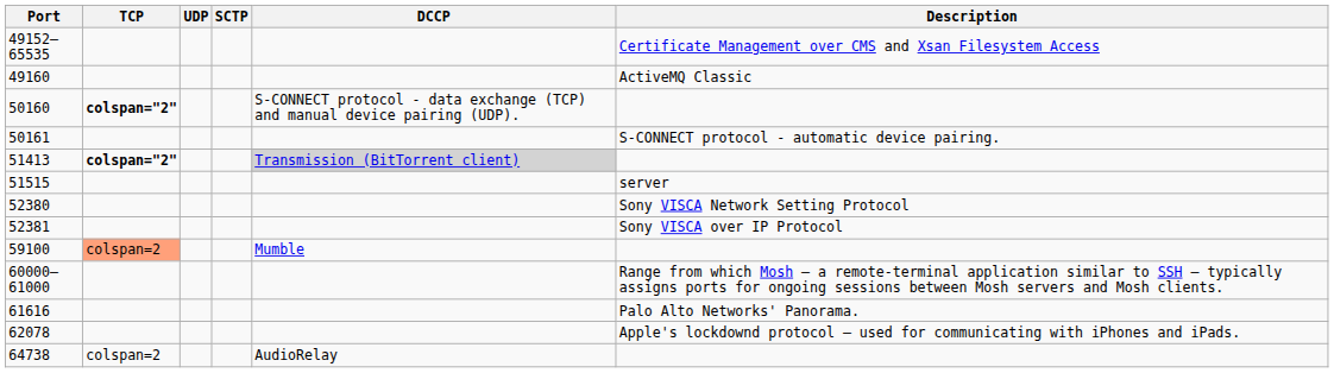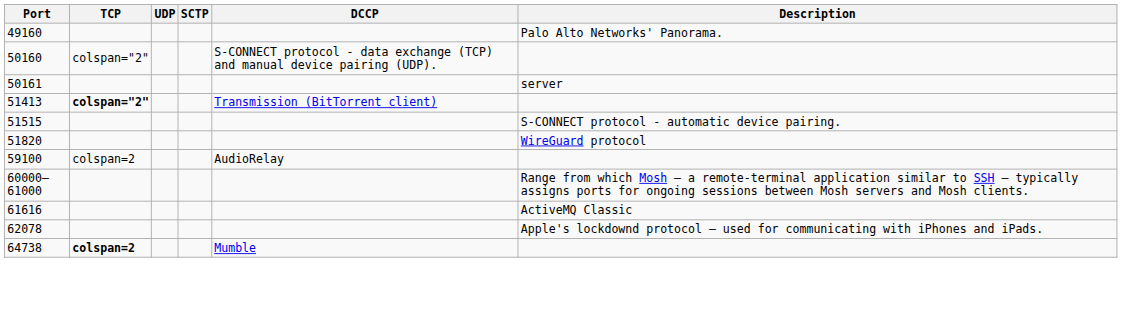 <table class="wikitable sortable collapsible">
 <tr>
 <th scope="col">Port</th>
 <th scope="col">TCP</th>
 <th scope="col">UDP</th>
 <th scope="col">SCTP</th>
 <th scope="col">DCCP</th>
 <th scope="col" class="unsortable">Description</th>
 </tr>
 <tr>
-<td>49152–65535</td>
-<td></td>
-<td></td>
-<td></td>
-<td></td>
-<td><a href='#'>Certificate Management over CMS</a> and <a href='#'>Xsan Filesystem Access</a></td>
-</tr>
-<tr>
 <td>49160</td>
 <td></td>
 <td></td>
 <td></td>
 <td></td>
-<td>ActiveMQ Classic </td>
+<td>Palo Alto Networks' Panorama.</td>
 </tr>
 <tr>
 <td>50160</td>
-<td><strong>colspan="2" </strong></td>
+<td>colspan="2" </td>
 <td></td>
 <td></td>
 <td>S-CONNECT protocol - data exchange (TCP) and manual device pairing (UDP).</td>
 </tr>
 <tr>
 <td>50161</td>
 <td></td>
 <td></td>
 <td></td>
 <td></td>
-<td>S-CONNECT protocol - automatic device pairing.</td>
+<td> server </td>
 </tr>
 <tr>
 <td>51413</td>
 <td><strong>colspan="2" </strong></td>
 <td></td>
 <td></td>
-<td style="background: lightgrey;"><a href='#'>Transmission (BitTorrent client)</a></td>
+<td><a href='#'>Transmission (BitTorrent client)</a></td>
 </tr>
 <tr>
 <td>51515</td>
 <td></td>
 <td></td>
 <td></td>
 <td></td>
-<td> server </td>
+<td>S-CONNECT protocol - automatic device pairing.</td>
 </tr>
 <tr>
-<td>52380</td>
+<td>51820</td>
 <td></td>
 <td></td>
 <td></td>
 <td></td>
-<td>Sony <a href='#'>VISCA</a> Network Setting Protocol</td>
-</tr>
-<tr>
-<td>52381</td>
-<td></td>
-<td></td>
-<td></td>
-<td></td>
-<td>Sony <a href='#'>VISCA</a> over IP Protocol</td>
+<td><a href='#'>WireGuard</a> protocol</td>
 </tr>
 <tr>
 <td>59100</td>
-<td style="background: lightsalmon;">colspan=2 </td>
+<td>colspan=2 </td>
 <td></td>
 <td></td>
-<td><a href='#'>Mumble</a></td>
+<td>AudioRelay</td>
 </tr>
 <tr>
 <td>60000–61000</td>
 <td></td>
 <td></td>
 <td></td>
 <td></td>
 <td>Range from which <a href='#'>Mosh</a> – a remote-terminal application similar to <a href='#'>SSH</a> – typically assigns ports for ongoing sessions between Mosh servers and Mosh clients.</td>
 </tr>
 <tr>
 <td>61616</td>
 <td></td>
 <td></td>
 <td></td>
 <td></td>
-<td>Palo Alto Networks' Panorama.</td>
+<td>ActiveMQ Classic </td>
 </tr>
 <tr>
 <td>62078</td>
 <td></td>
 <td></td>
 <td></td>
 <td></td>
 <td>Apple's lockdownd protocol – used for communicating with iPhones and iPads.</td>
 </tr>
 <tr>
 <td>64738</td>
-<td>colspan=2 </td>
+<td><strong>colspan=2 </strong></td>
 <td></td>
 <td></td>
-<td>AudioRelay</td>
+<td><a href='#'>Mumble</a></td>
 </tr>
 </table>
